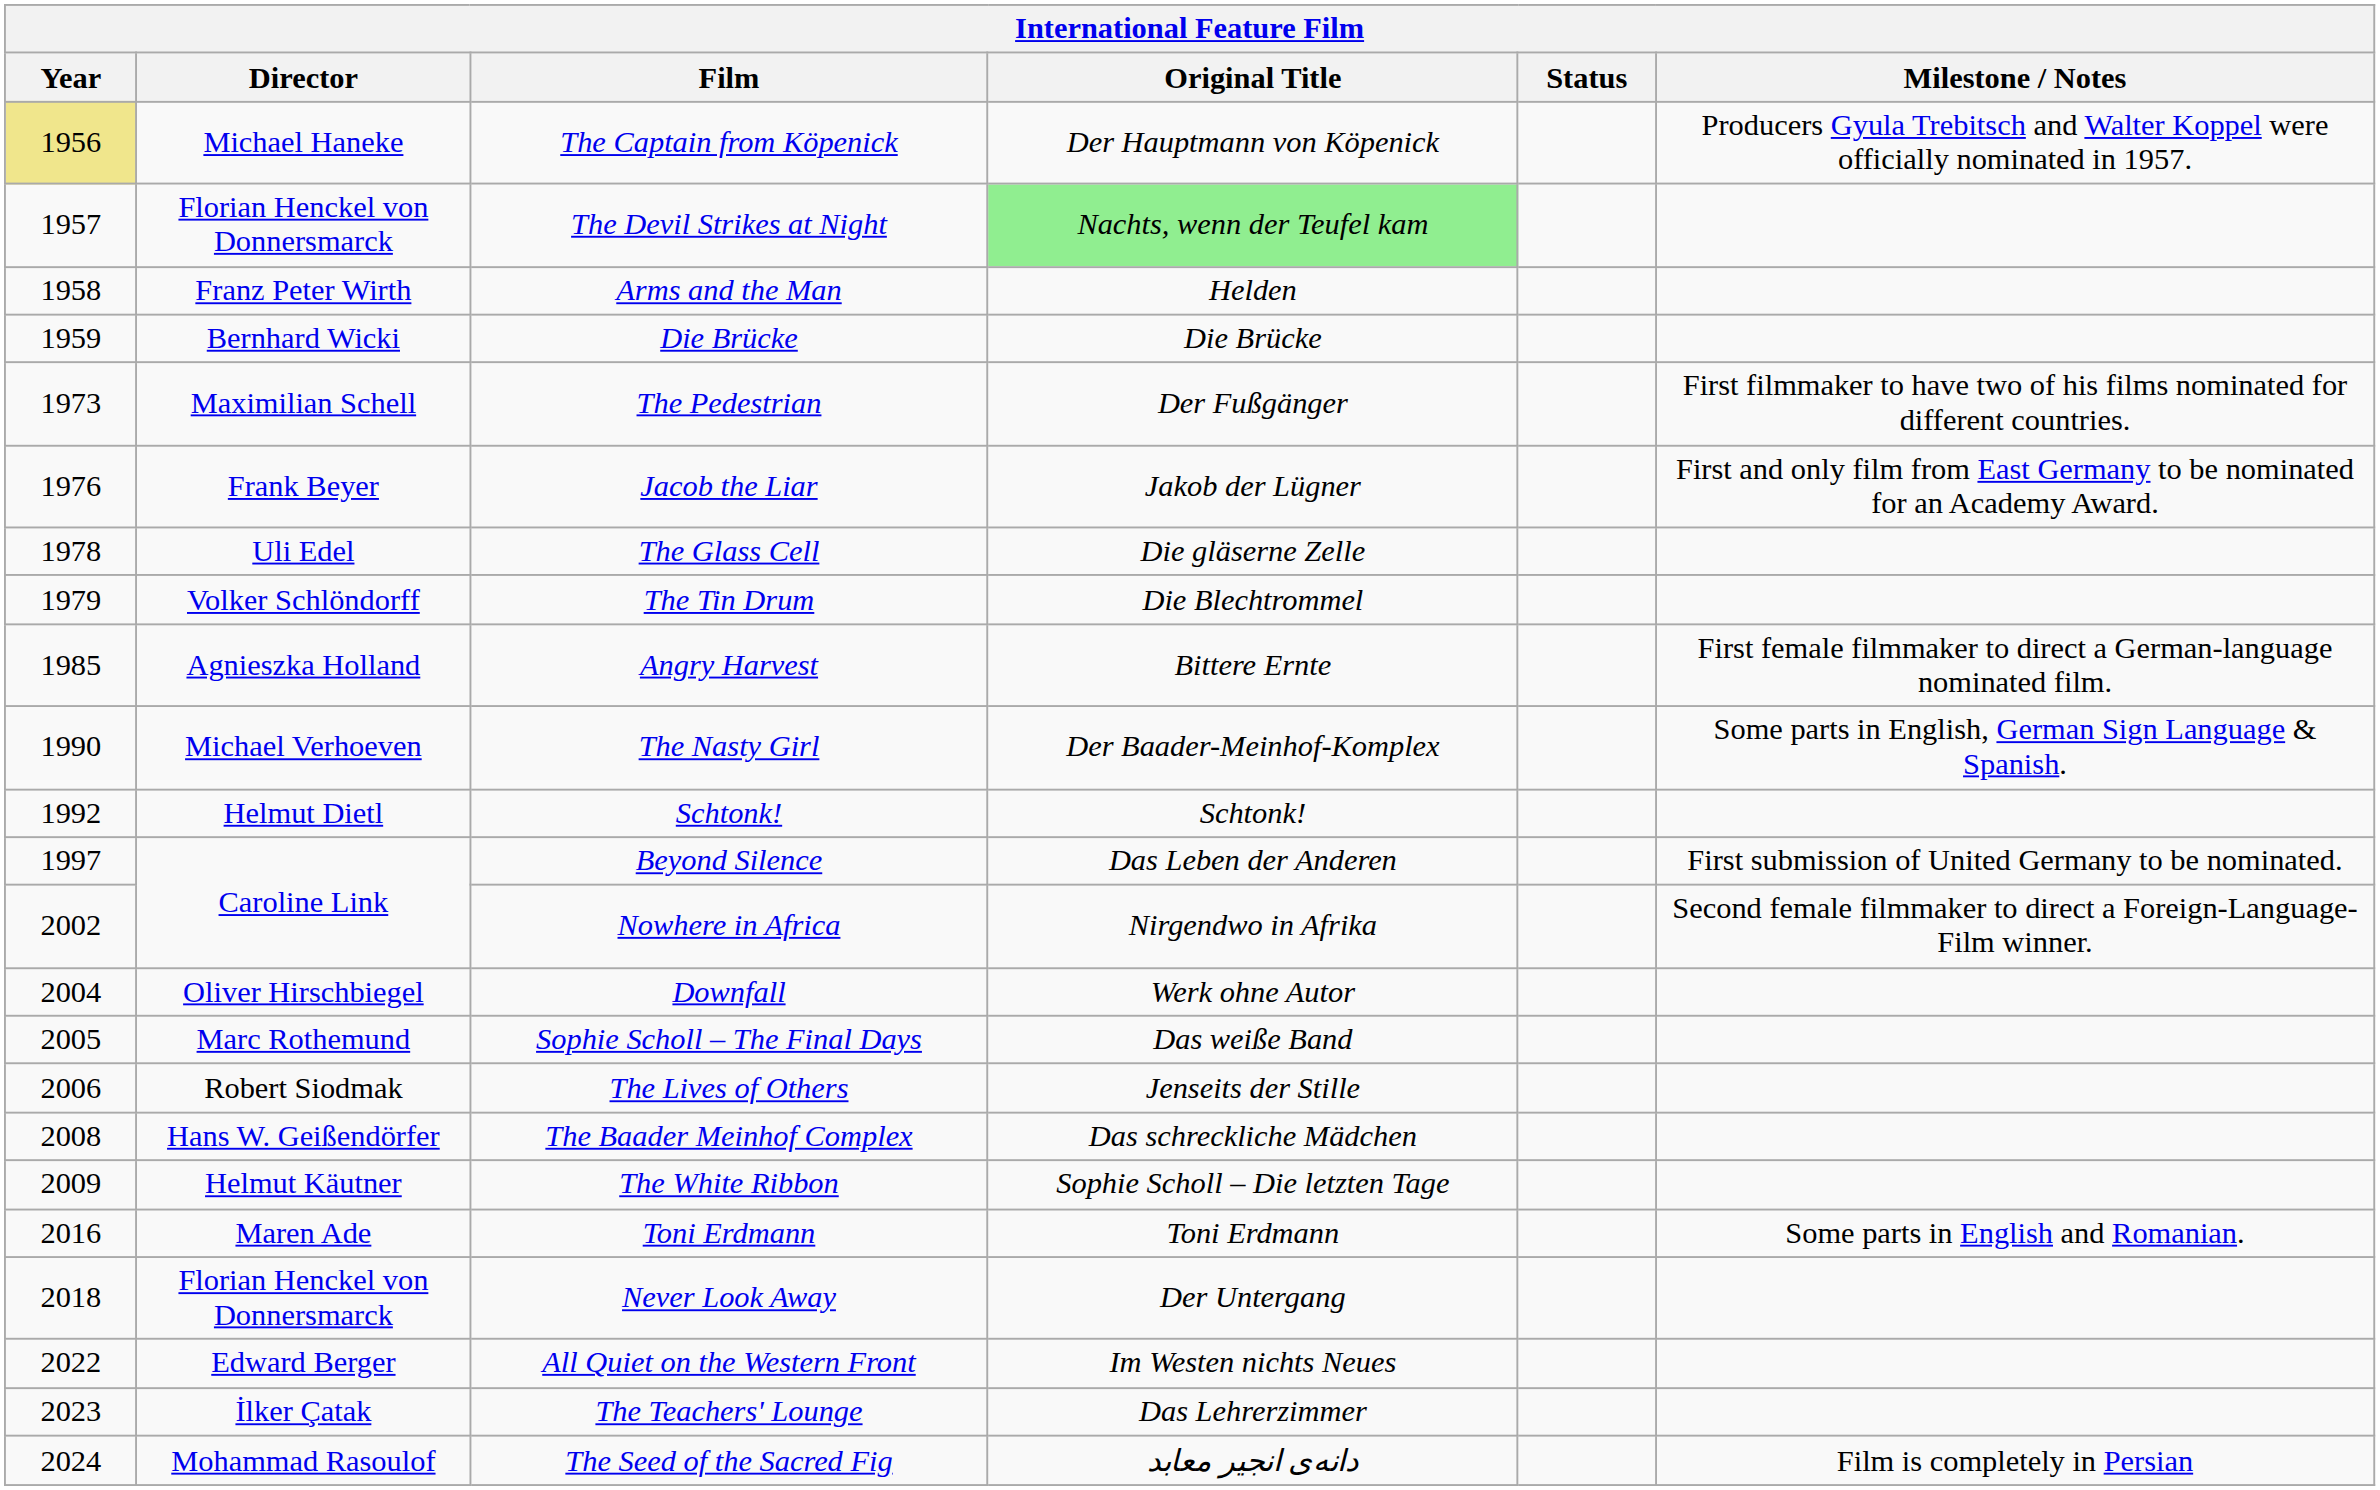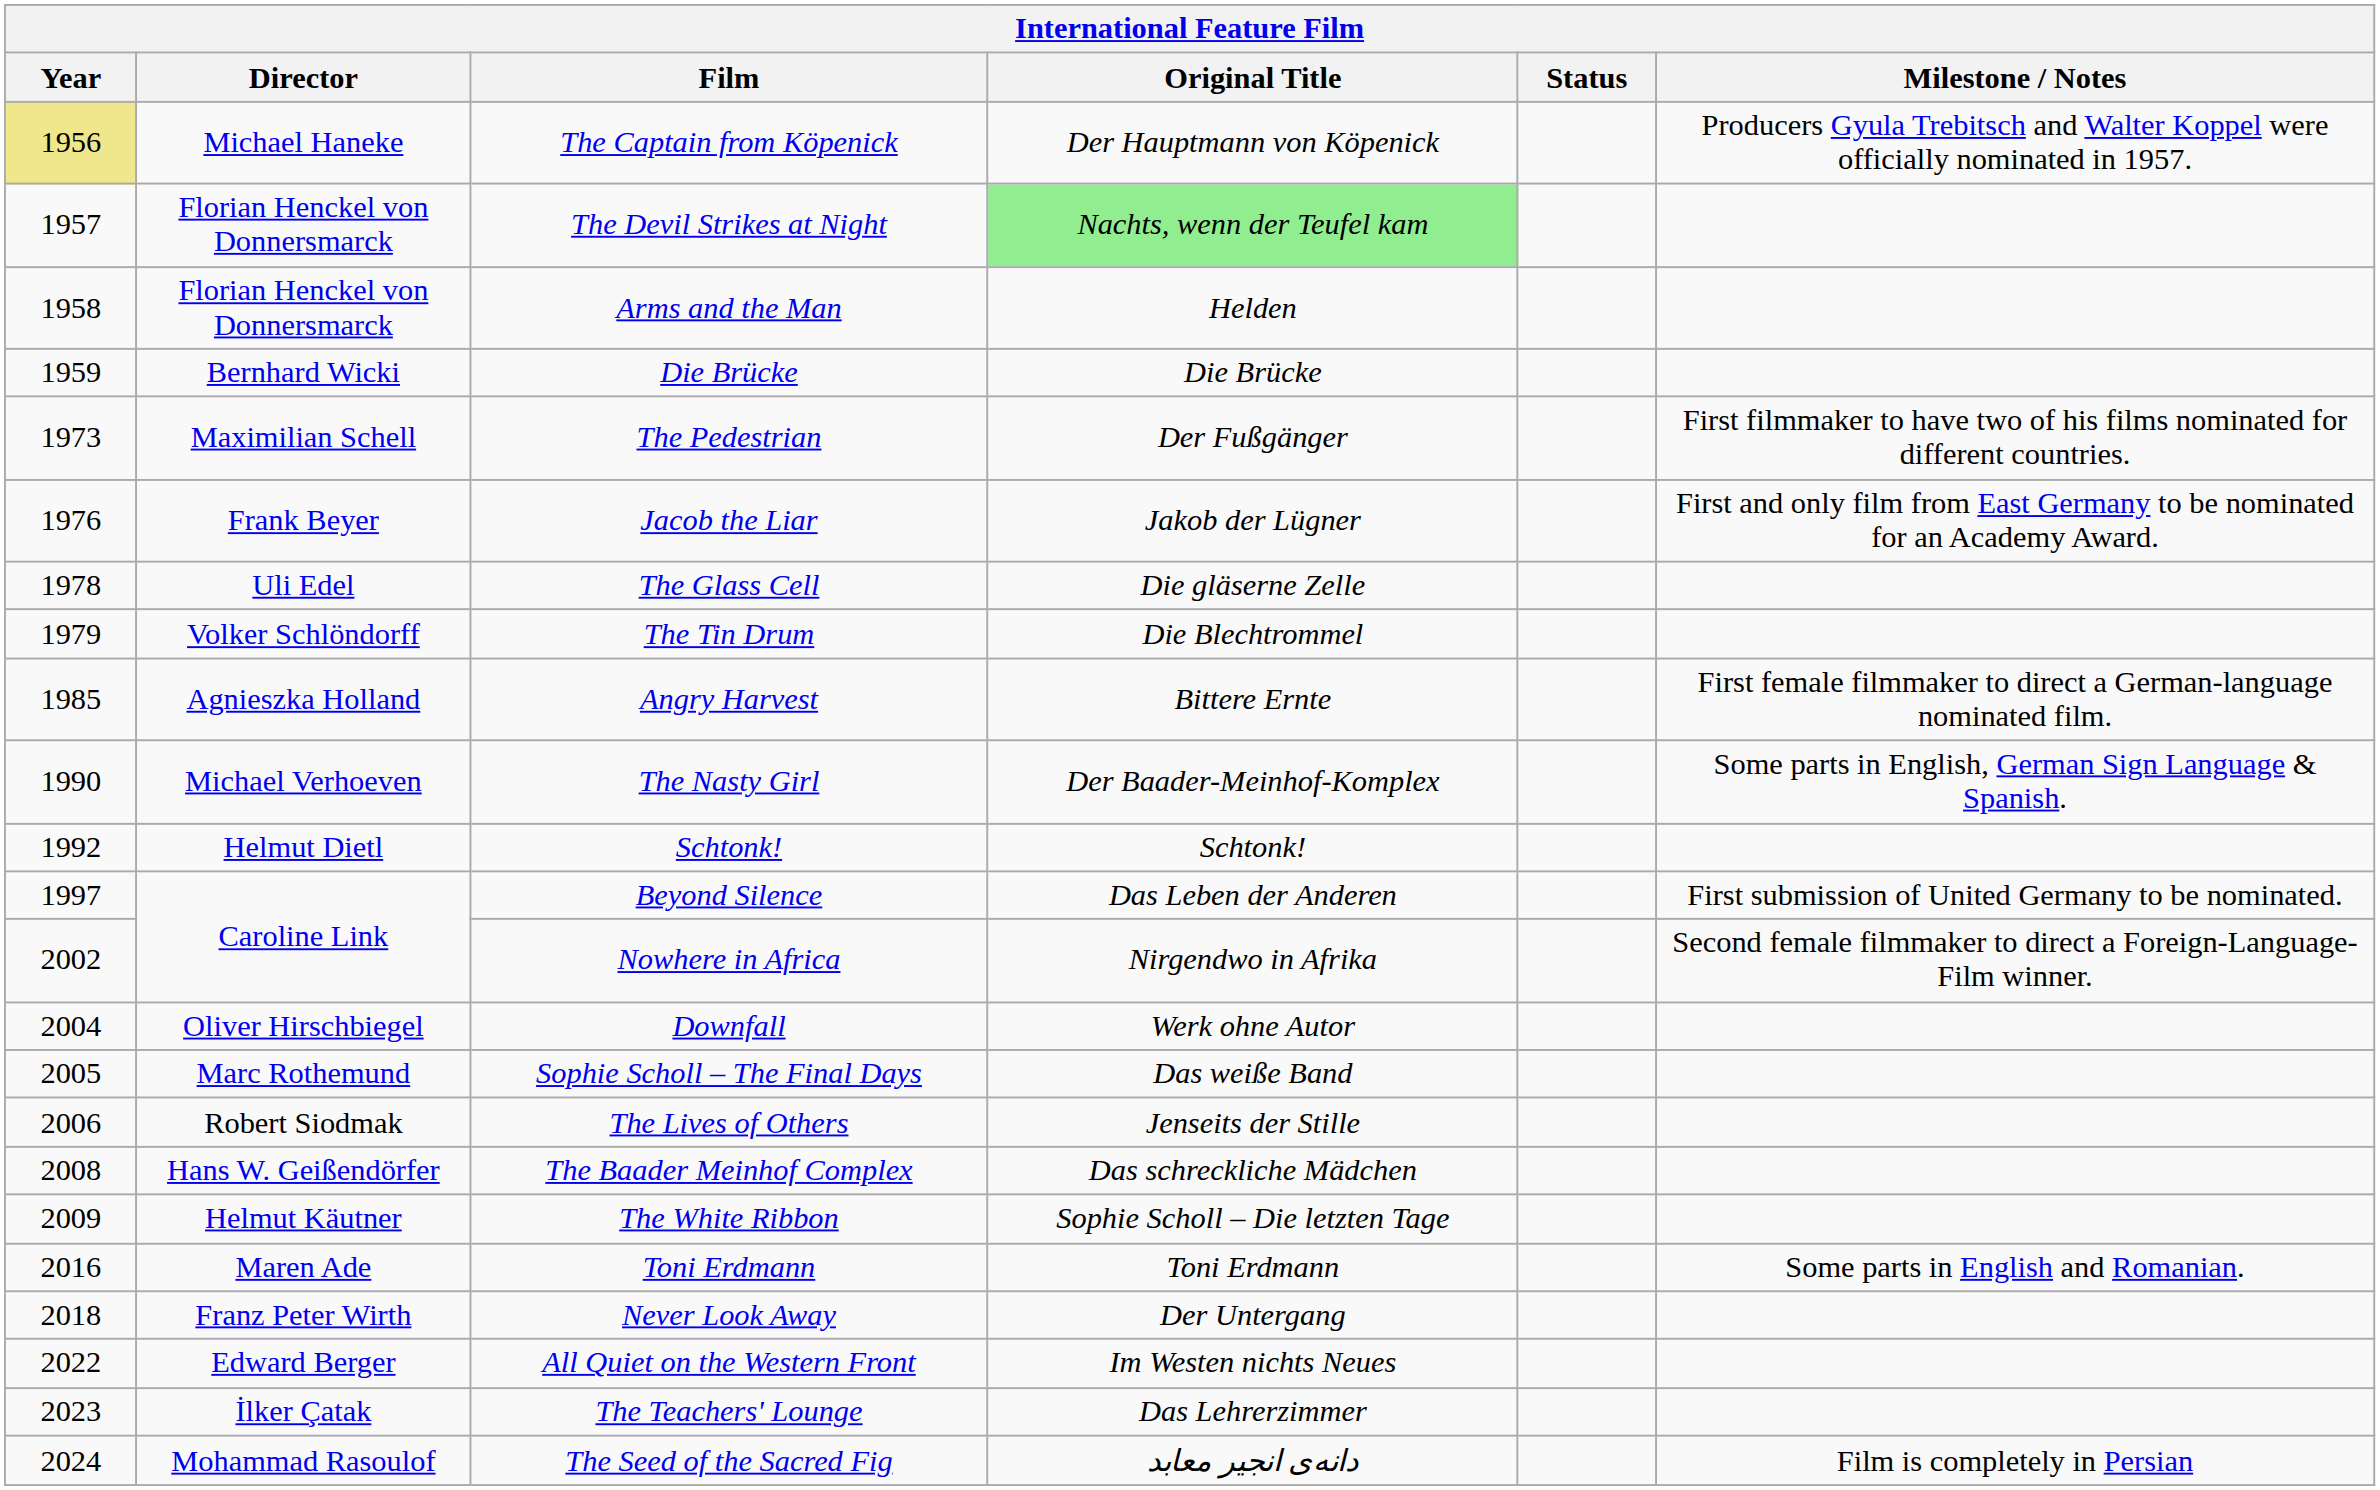 <table class="wikitable" style="text-align: center">
 <tr>
 <th colspan="7" style="text-align:center;"><a href='#'>International Feature Film</a></th>
 </tr>
 <tr>
 <th style="width:075px;">Year</th>
 <th style="width:200px;">Director</th>
 <th style="width:350px;">Film</th>
 <th style="width:350px;">Original Title</th>
 <th style="width:075px;">Status</th>
 <th style="width:500px;">Milestone / Notes</th>
 </tr>
 <tr>
 <td style="background: khaki; text-align: center">1956</td>
 <td><a href='#'>Michael Haneke</a></td>
 <td><a href='#'><em>The Captain from Köpenick</em></a></td>
 <td><em>Der Hauptmann von Köpenick</em></td>
 <td></td>
 <td>Producers <a href='#'>Gyula Trebitsch</a> and <a href='#'>Walter Koppel</a> were officially nominated in 1957.</td>
 </tr>
 <tr>
 <td style="text-align: center">1957</td>
 <td><a href='#'>Florian Henckel von Donnersmarck</a></td>
 <td><em><a href='#'>The Devil Strikes at Night</a></em></td>
 <td style="background: lightgreen;"><em>Nachts, wenn der Teufel kam</em></td>
 <td></td>
 <td></td>
 </tr>
 <tr>
 <td style="text-align: center">1958</td>
-<td><a href='#'>Franz Peter Wirth</a></td>
+<td><a href='#'>Florian Henckel von Donnersmarck</a></td>
 <td><a href='#'><em>Arms and the Man</em></a></td>
 <td><em>Helden</em></td>
 <td></td>
 <td></td>
 </tr>
 <tr>
 <td style="text-align: center">1959</td>
 <td><a href='#'>Bernhard Wicki</a></td>
 <td><em><a href='#'>Die Brücke</a></em></td>
 <td><em>Die Brücke</em></td>
 <td></td>
 <td></td>
 </tr>
 <tr>
 <td style="text-align: center">1973</td>
 <td><a href='#'>Maximilian Schell</a></td>
 <td><em><a href='#'>The Pedestrian</a></em></td>
 <td><em>Der Fußgänger</em></td>
 <td></td>
 <td>First filmmaker to have two of his films nominated for different countries.</td>
 </tr>
 <tr>
 <td style="text-align: center">1976</td>
 <td><a href='#'>Frank Beyer</a></td>
 <td><em><a href='#'>Jacob the Liar</a></em></td>
 <td><em>Jakob der Lügner</em></td>
 <td></td>
 <td>First and only film from <a href='#'>East Germany</a> to be nominated for an Academy Award.</td>
 </tr>
 <tr>
 <td style="text-align: center">1978</td>
 <td><a href='#'>Uli Edel</a></td>
 <td><em><a href='#'>The Glass Cell</a></em></td>
 <td><em>Die gläserne Zelle</em></td>
 <td></td>
 <td></td>
 </tr>
 <tr>
 <td style="text-align: center">1979</td>
 <td><a href='#'>Volker Schlöndorff</a></td>
 <td><em><a href='#'>The Tin Drum</a></em></td>
 <td><em>Die Blechtrommel</em></td>
 <td></td>
 <td></td>
 </tr>
 <tr>
 <td style="text-align: center">1985</td>
 <td><a href='#'>Agnieszka Holland</a></td>
 <td><em><a href='#'>Angry Harvest</a></em></td>
 <td><em>Bittere Ernte</em></td>
 <td></td>
 <td>First female filmmaker to direct a German-language nominated film.</td>
 </tr>
 <tr>
 <td>1990</td>
 <td><a href='#'>Michael Verhoeven</a></td>
 <td><em><a href='#'>The Nasty Girl</a></em></td>
 <td><em>Der Baader-Meinhof-Komplex</em></td>
 <td></td>
 <td>Some parts in English, <a href='#'>German Sign Language</a> & <a href='#'>Spanish</a>.</td>
 </tr>
 <tr>
 <td style="text-align: center">1992</td>
 <td><a href='#'>Helmut Dietl</a></td>
 <td><em><a href='#'>Schtonk!</a></em></td>
 <td><em>Schtonk!</em></td>
 <td></td>
 <td></td>
 </tr>
 <tr>
 <td style="text-align: center">1997</td>
 <td rowspan="2"><a href='#'>Caroline Link</a></td>
 <td><em><a href='#'>Beyond Silence</a></em></td>
 <td><em>Das Leben der Anderen</em></td>
 <td></td>
 <td>First submission of United Germany to be nominated.</td>
 </tr>
 <tr>
 <td style="text-align: center">2002</td>
 <td><em><a href='#'>Nowhere in Africa</a></em></td>
 <td><em>Nirgendwo in Afrika</em></td>
 <td></td>
 <td>Second female filmmaker to direct a Foreign-Language-Film winner.</td>
 </tr>
 <tr>
 <td style="text-align: center">2004</td>
 <td><a href='#'>Oliver Hirschbiegel</a></td>
 <td><em><a href='#'>Downfall</a></em></td>
 <td><em>Werk ohne Autor</em></td>
 <td></td>
 <td></td>
 </tr>
 <tr>
 <td style="text-align: center">2005</td>
 <td><a href='#'>Marc Rothemund</a></td>
 <td><em><a href='#'>Sophie Scholl – The Final Days</a></em></td>
 <td><em>Das weiße Band</em></td>
 <td></td>
 <td></td>
 </tr>
 <tr>
 <td style="text-align: center">2006</td>
 <td>Robert Siodmak</td>
 <td><em><a href='#'>The Lives of Others</a></em></td>
 <td><em>Jenseits der Stille</em></td>
 <td></td>
 <td></td>
 </tr>
 <tr>
 <td>2008</td>
 <td><a href='#'>Hans W. Geißendörfer</a></td>
 <td><em><a href='#'>The Baader Meinhof Complex</a></em></td>
 <td><em>Das schreckliche Mädchen</em></td>
 <td></td>
 <td></td>
 </tr>
 <tr>
 <td style="text-align: center">2009</td>
 <td><a href='#'>Helmut Käutner</a></td>
 <td><em><a href='#'>The White Ribbon</a></em></td>
 <td><em>Sophie Scholl – Die letzten Tage</em></td>
 <td></td>
 <td></td>
 </tr>
 <tr>
 <td style="text-align: center">2016</td>
 <td><a href='#'>Maren Ade</a></td>
 <td><em><a href='#'>Toni Erdmann</a></em></td>
 <td><em>Toni Erdmann</em></td>
 <td></td>
 <td>Some parts in <a href='#'>English</a> and <a href='#'>Romanian</a>.</td>
 </tr>
 <tr>
 <td>2018</td>
-<td><a href='#'>Florian Henckel von Donnersmarck</a></td>
+<td><a href='#'>Franz Peter Wirth</a></td>
 <td><em><a href='#'>Never Look Away</a></em></td>
 <td><em>Der Untergang</em></td>
 <td></td>
 <td></td>
 </tr>
 <tr>
 <td>2022</td>
 <td><a href='#'>Edward Berger</a></td>
 <td><em><a href='#'>All Quiet on the Western Front</a></em></td>
 <td><em>Im Westen nichts Neues</em></td>
 <td></td>
 <td></td>
 </tr>
 <tr>
 <td>2023</td>
 <td><a href='#'>İlker Çatak</a></td>
 <td><em><a href='#'>The Teachers' Lounge</a></em></td>
 <td><em>Das Lehrerzimmer</em></td>
 <td></td>
 <td></td>
 </tr>
 <tr>
 <td>2024</td>
 <td><a href='#'>Mohammad Rasoulof</a></td>
 <td><em><a href='#'>The Seed of the Sacred Fig</a></em></td>
 <td><em>دانه‌ی انجیر معابد</em></td>
 <td></td>
 <td>Film is completely in <a href='#'>Persian</a></td>
 </tr>
 </table>
